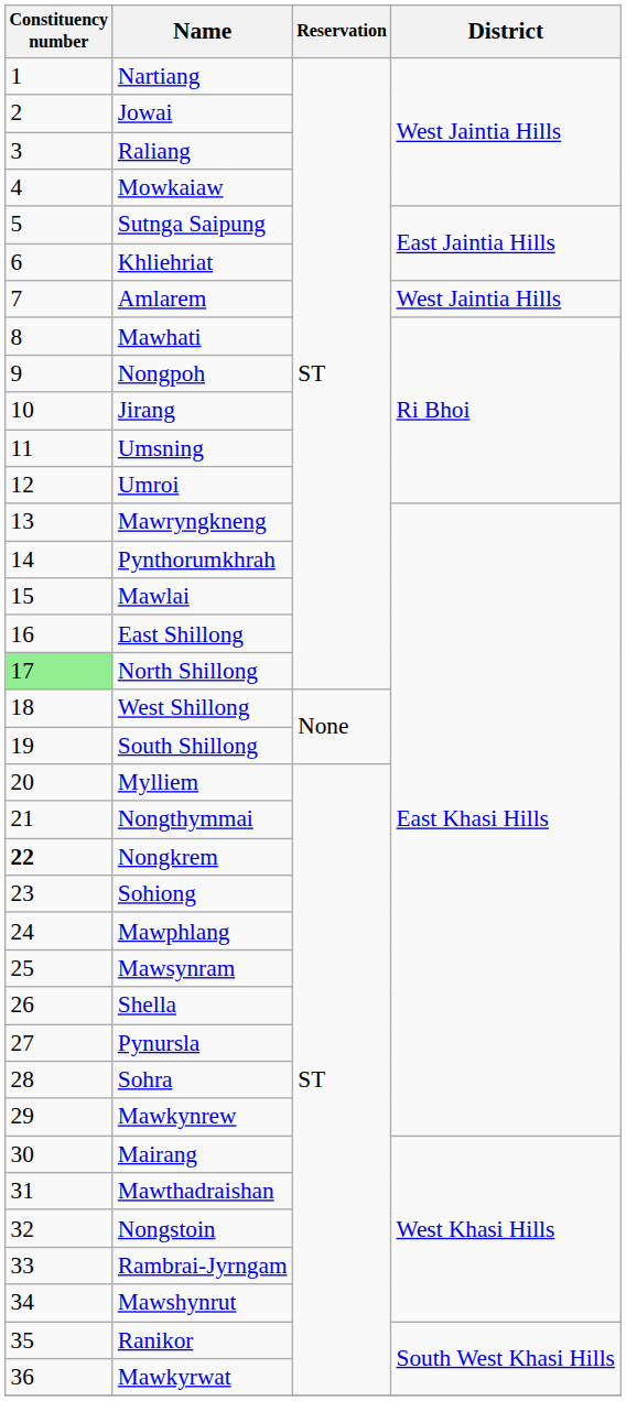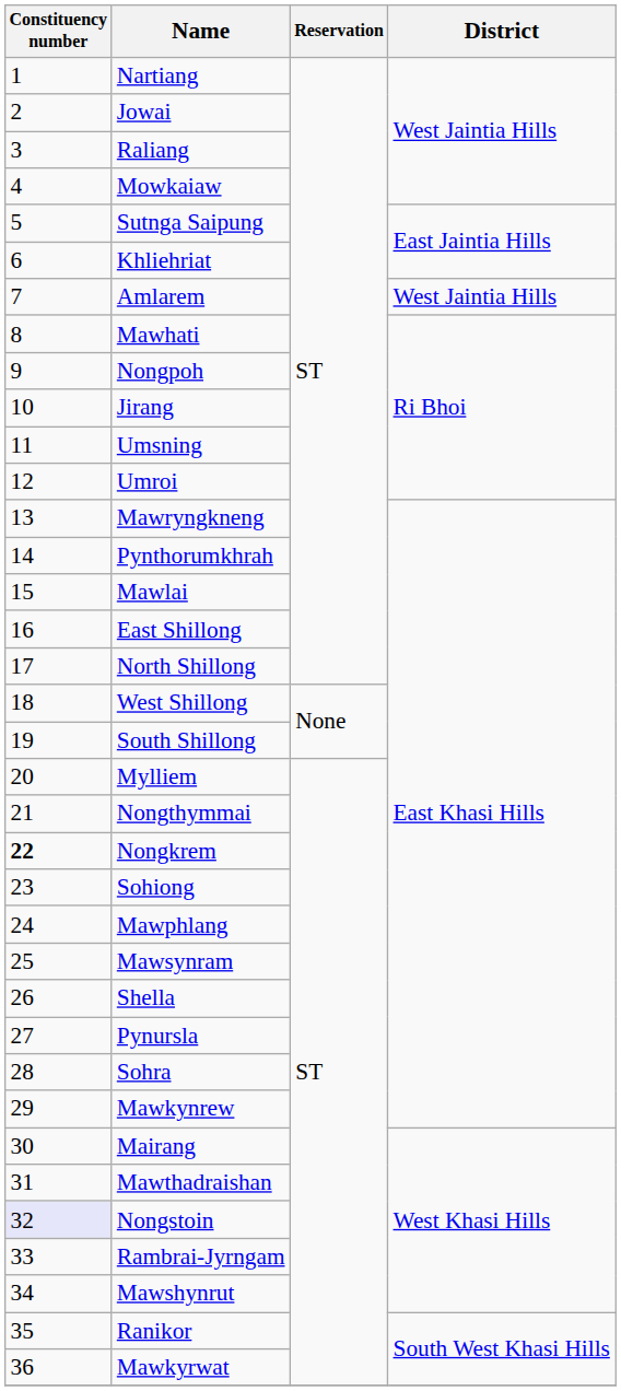 <table class="wikitable sortable collapsible collapsed">
 <tr>
 <th width="50px" style="font-size:75%">Constituency number</th>
 <th>Name</th>
 <th style="font-size:75%">Reservation</th>
 <th>District</th>
 </tr>
 <tr>
 <td>1</td>
 <td><a href='#'>Nartiang</a></td>
 <td rowspan=17>ST</td>
 <td rowspan="4"><a href='#'>West Jaintia Hills</a></td>
 </tr>
 <tr>
 <td>2</td>
 <td><a href='#'>Jowai</a></td>
 </tr>
 <tr>
 <td>3</td>
 <td><a href='#'>Raliang</a></td>
 </tr>
 <tr>
 <td>4</td>
 <td><a href='#'>Mowkaiaw</a></td>
 </tr>
 <tr>
 <td>5</td>
 <td><a href='#'>Sutnga Saipung</a></td>
 <td rowspan="2"><a href='#'>East Jaintia Hills</a></td>
 </tr>
 <tr>
 <td>6</td>
 <td><a href='#'>Khliehriat</a></td>
 </tr>
 <tr>
 <td>7</td>
 <td><a href='#'>Amlarem</a></td>
 <td><a href='#'>West Jaintia Hills</a></td>
 </tr>
 <tr>
 <td>8</td>
 <td><a href='#'>Mawhati</a></td>
 <td rowspan="5"><a href='#'>Ri Bhoi</a></td>
 </tr>
 <tr>
 <td>9</td>
 <td><a href='#'>Nongpoh</a></td>
 </tr>
 <tr>
 <td>10</td>
 <td><a href='#'>Jirang</a></td>
 </tr>
 <tr>
 <td>11</td>
 <td><a href='#'>Umsning</a></td>
 </tr>
 <tr>
 <td>12</td>
 <td><a href='#'>Umroi</a></td>
 </tr>
 <tr>
 <td>13</td>
 <td><a href='#'>Mawryngkneng</a></td>
 <td rowspan="17"><a href='#'>East Khasi Hills</a></td>
 </tr>
 <tr>
 <td>14</td>
 <td><a href='#'>Pynthorumkhrah</a></td>
 </tr>
 <tr>
 <td>15</td>
 <td><a href='#'>Mawlai</a></td>
 </tr>
 <tr>
 <td>16</td>
 <td><a href='#'>East Shillong</a></td>
 </tr>
 <tr>
-<td style="background: lightgreen;">17</td>
+<td>17</td>
 <td><a href='#'>North Shillong</a></td>
 </tr>
 <tr>
 <td>18</td>
 <td><a href='#'>West Shillong</a></td>
 <td rowspan=2>None</td>
 </tr>
 <tr>
 <td>19</td>
 <td><a href='#'>South Shillong</a></td>
 </tr>
 <tr>
 <td>20</td>
 <td><a href='#'>Mylliem</a></td>
 <td rowspan=17>ST</td>
 </tr>
 <tr>
 <td>21</td>
 <td><a href='#'>Nongthymmai</a></td>
 </tr>
 <tr>
 <td><strong>22</strong></td>
 <td><a href='#'>Nongkrem</a></td>
 </tr>
 <tr>
 <td>23</td>
 <td><a href='#'>Sohiong</a></td>
 </tr>
 <tr>
 <td>24</td>
 <td><a href='#'>Mawphlang</a></td>
 </tr>
 <tr>
 <td>25</td>
 <td><a href='#'>Mawsynram</a></td>
 </tr>
 <tr>
 <td>26</td>
 <td><a href='#'>Shella</a></td>
 </tr>
 <tr>
 <td>27</td>
 <td><a href='#'>Pynursla</a></td>
 </tr>
 <tr>
 <td>28</td>
 <td><a href='#'>Sohra</a></td>
 </tr>
 <tr>
 <td>29</td>
 <td><a href='#'>Mawkynrew</a></td>
 </tr>
 <tr>
 <td>30</td>
 <td><a href='#'>Mairang</a></td>
 <td rowspan="5"><a href='#'>West Khasi Hills</a></td>
 </tr>
 <tr>
 <td>31</td>
 <td><a href='#'>Mawthadraishan</a></td>
 </tr>
 <tr>
-<td>32</td>
+<td style="background: lavender;">32</td>
 <td><a href='#'>Nongstoin</a></td>
 </tr>
 <tr>
 <td>33</td>
 <td><a href='#'>Rambrai-Jyrngam</a></td>
 </tr>
 <tr>
 <td>34</td>
 <td><a href='#'>Mawshynrut</a></td>
 </tr>
 <tr>
 <td>35</td>
 <td><a href='#'>Ranikor</a></td>
 <td rowspan="2"><a href='#'>South West Khasi Hills</a></td>
 </tr>
 <tr>
 <td>36</td>
 <td><a href='#'>Mawkyrwat</a></td>
 </tr>
 <tr>
 </tr>
 </table>
